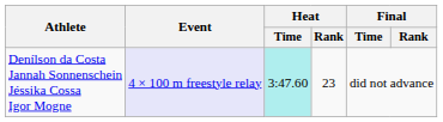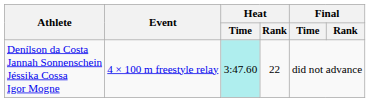 <table class=wikitable style="font-size:90%">
 <tr>
 <th rowspan="2">Athlete</th>
 <th rowspan="2">Event</th>
 <th colspan="2">Heat</th>
 <th colspan="2">Final</th>
 </tr>
 <tr style="font-size:95%">
 <th>Time</th>
 <th>Rank</th>
 <th>Time</th>
 <th>Rank</th>
 </tr>
 <tr align=center>
 <td align=left><a href='#'>Denílson da Costa</a><br><a href='#'>Jannah Sonnenschein</a><br><a href='#'>Jéssika Cossa</a><br><a href='#'>Igor Mogne</a></td>
-<td align=left style="background: lavender;"><a href='#'>4 × 100 m freestyle relay</a></td>
+<td align=left><a href='#'>4 × 100 m freestyle relay</a></td>
 <td style="background: paleturquoise;">3:47.60</td>
-<td>23</td>
+<td>22</td>
 <td colspan=2>did not advance</td>
 </tr>
 </table>
